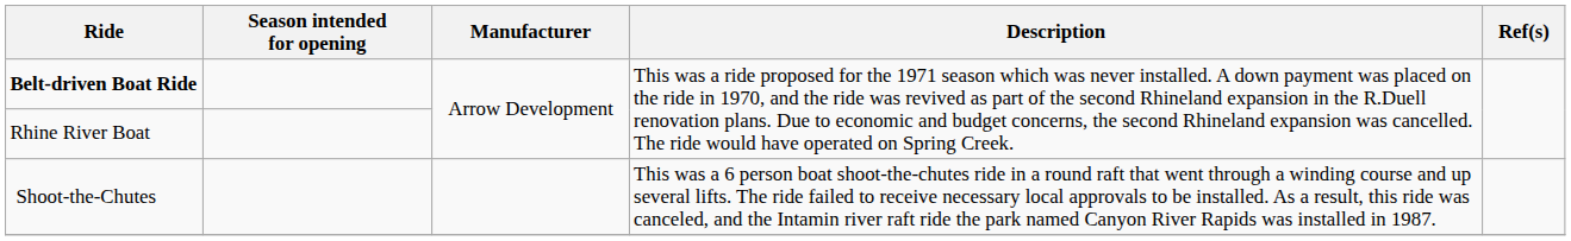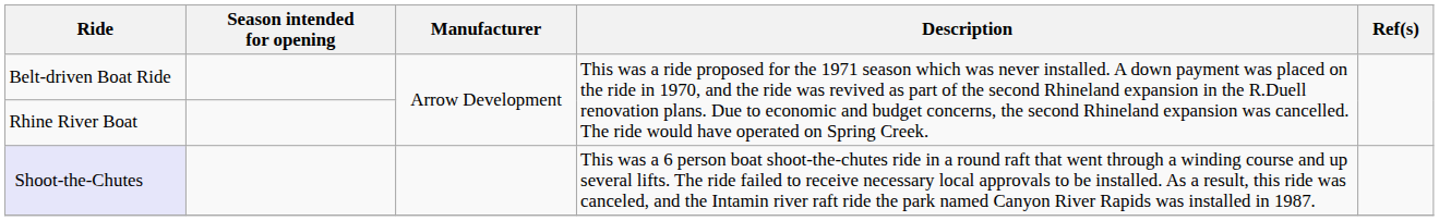 <table class="wikitable" border="1">
 <tr>
 <th width=12%>Ride</th>
 <th width=14%>Season intended<br>for opening<br></th>
 <th width=12%>Manufacturer</th>
 <th width=52%>Description</th>
 <th width=5%>Ref(s)</th>
 </tr>
 <tr>
-<td><strong>Belt-driven Boat Ride</strong></td>
+<td>Belt-driven Boat Ride</td>
 <td></td>
 <td rowspan=2 align=center>Arrow Development</td>
 <td rowspan=2>This was a ride proposed for the 1971 season which was never installed. A down payment was placed on the ride in 1970, and the ride was revived as part of the second Rhineland expansion in the R.Duell renovation plans. Due to economic and budget concerns, the second Rhineland expansion was cancelled. The ride would have operated on Spring Creek.</td>
 <td rowspan=2 align=center></td>
 </tr>
 <tr>
 <td>Rhine River Boat</td>
 <td></td>
 </tr>
 <tr>
-<td style="padding-left: .5em">Shoot-the-Chutes</td>
+<td style="background: lavender; padding-left: .5em">Shoot-the-Chutes</td>
 <td></td>
 <td></td>
 <td>This was a 6 person boat shoot-the-chutes ride in a round raft that went through a winding course and up several lifts. The ride failed to receive necessary local approvals to be installed. As a result, this ride was canceled, and the Intamin river raft ride the park named Canyon River Rapids was installed in 1987.</td>
 <td></td>
 </tr>
 <tr>
 </tr>
 </table>
